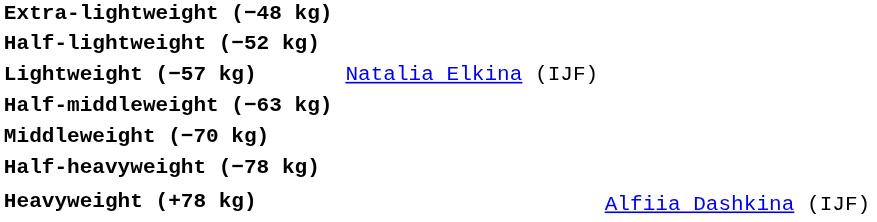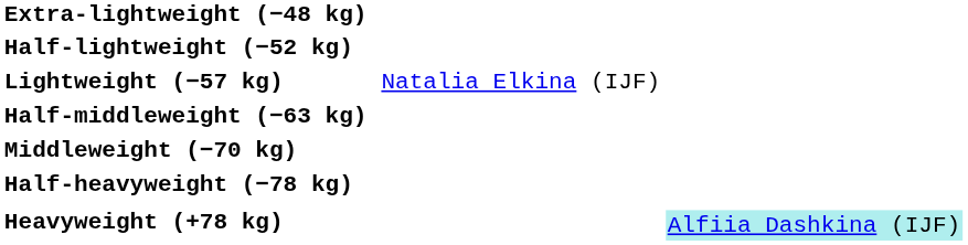 <table>
 <tr>
 <th rowspan=2 style="text-align:left;">Extra-lightweight (−48 kg)</th>
 <td rowspan=2></td>
 <td rowspan=2></td>
 <td></td>
 </tr>
 <tr>
 <td></td>
 </tr>
 <tr>
 <th rowspan=2 style="text-align:left;">Half-lightweight (−52 kg)</th>
 <td rowspan=2></td>
 <td rowspan=2></td>
 <td></td>
 </tr>
 <tr>
 <td></td>
 </tr>
 <tr>
 <th rowspan=2 style="text-align:left;">Lightweight (−57 kg)</th>
 <td rowspan=2></td>
 <td rowspan=2> <a href='#'>Natalia Elkina</a> <span>(<abbr>IJF</abbr>)</span></td>
 <td></td>
 </tr>
 <tr>
 <td></td>
 </tr>
 <tr>
 <th rowspan=2 style="text-align:left;">Half-middleweight (−63 kg)</th>
 <td rowspan=2></td>
 <td rowspan=2></td>
 <td></td>
 </tr>
 <tr>
 <td></td>
 </tr>
 <tr>
 <th rowspan=2 style="text-align:left;">Middleweight (−70 kg)</th>
 <td rowspan=2></td>
 <td rowspan=2></td>
 <td></td>
 </tr>
 <tr>
 <td></td>
 </tr>
 <tr>
 <th rowspan=2 style="text-align:left;">Half-heavyweight (−78 kg)</th>
 <td rowspan=2></td>
 <td rowspan=2></td>
 <td></td>
 </tr>
 <tr>
 <td></td>
 </tr>
 <tr>
 <th rowspan=2 style="text-align:left;">Heavyweight (+78 kg)</th>
 <td rowspan=2></td>
 <td rowspan=2></td>
 <td></td>
 </tr>
 <tr>
-<td> <a href='#'>Alfiia Dashkina</a> <span>(<abbr>IJF</abbr>)</span></td>
+<td style="background: paleturquoise;"> <a href='#'>Alfiia Dashkina</a> <span>(<abbr>IJF</abbr>)</span></td>
 </tr>
 </table>
